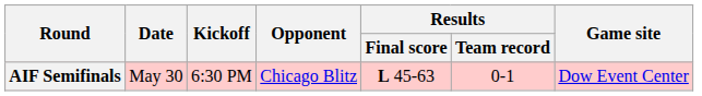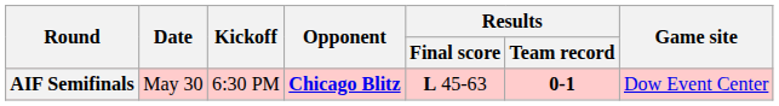 <table class="wikitable" style="font-size: 92%;" "align=center">
 <tr>
 <th rowspan="2">Round</th>
 <th rowspan="2">Date</th>
 <th rowspan="2">Kickoff</th>
 <th rowspan="2">Opponent</th>
 <th colspan="2">Results</th>
 <th rowspan="2">Game site</th>
 </tr>
 <tr>
 <th>Final score</th>
 <th>Team record</th>
 </tr>
 <tr style="background:#fcc">
 <th>AIF Semifinals</th>
 <td style="text-align:center;">May 30</td>
 <td style="text-align:center;">6:30 PM</td>
-<td style="text-align:center;"><a href='#'>Chicago Blitz</a></td>
+<td style="text-align:center;"><strong><a href='#'>Chicago Blitz</a></strong></td>
 <td style="text-align:center;"><strong>L</strong> 45-63</td>
-<td style="text-align:center;">0-1</td>
+<td style="text-align:center;"><strong>0-1</strong></td>
 <td style="text-align:center;"><a href='#'>Dow Event Center</a></td>
 </tr>
 </table>
